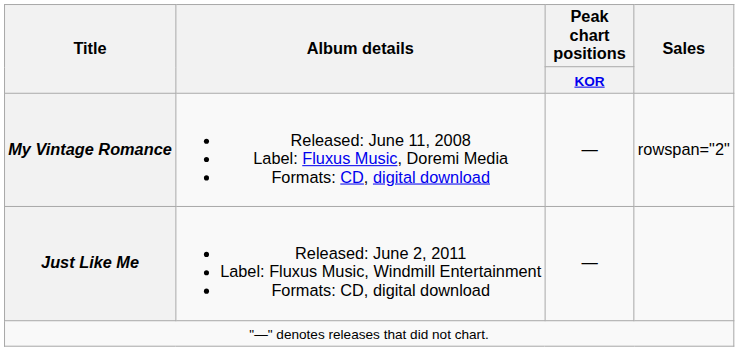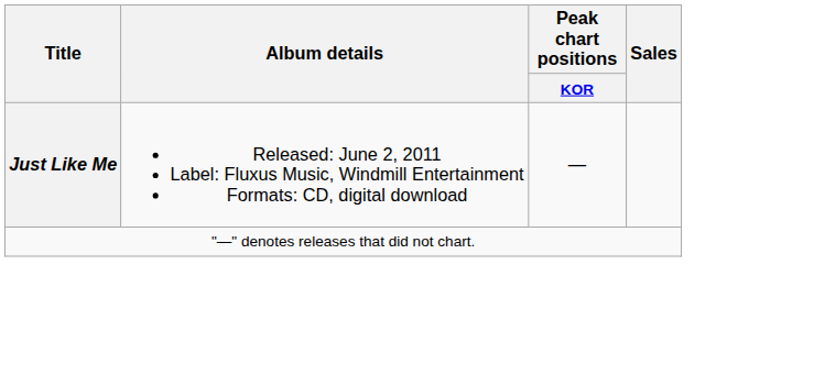 <table class="wikitable plainrowheaders" style="text-align:center;">
 <tr>
 <th scope="col" rowspan="2">Title</th>
 <th scope="col" rowspan="2">Album details</th>
 <th scope="col" colspan="1" style="width:5em;">Peak chart positions</th>
 <th scope="col" rowspan="2">Sales</th>
 </tr>
 <tr>
 <th><small><a href='#'>KOR</a></small><br></th>
 </tr>
 <tr>
-<th scope="row"><em>My Vintage Romance</em></th>
-<td><br><ul><li>Released: June 11, 2008</li><li>Label: <a href='#'>Fluxus Music</a>, Doremi Media</li><li>Formats: <a href='#'>CD</a>, <a href='#'>digital download</a></li></ul></td>
-<td>—</td>
-<td>rowspan="2" </td>
-</tr>
-<tr>
 <th scope="row"><em>Just Like Me</em></th>
 <td><br><ul><li>Released: June 2, 2011</li><li>Label: Fluxus Music, Windmill Entertainment</li><li>Formats: CD, digital download</li></ul></td>
 <td>—</td>
 </tr>
 <tr>
 <td colspan="4" align="center"><small>"—" denotes releases that did not chart.</small></td>
 </tr>
 </table>
